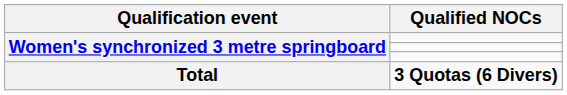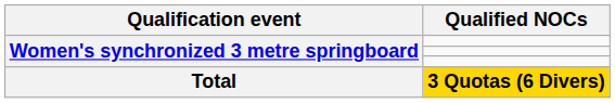 <table class="wikitable">
 <tr>
 <th>Qualification event</th>
 <th>Qualified NOCs</th>
 </tr>
 <tr>
 <th rowspan="3"><a href='#'>Women's synchronized 3 metre springboard</a></th>
 <td></td>
 </tr>
 <tr>
 <td></td>
 </tr>
 <tr>
 <td></td>
 </tr>
 <tr>
 <th>Total</th>
-<td><strong>3 Quotas (6 Divers)</strong></td>
+<td style="background: gold;"><strong>3 Quotas (6 Divers)</strong></td>
 </tr>
 </table>
